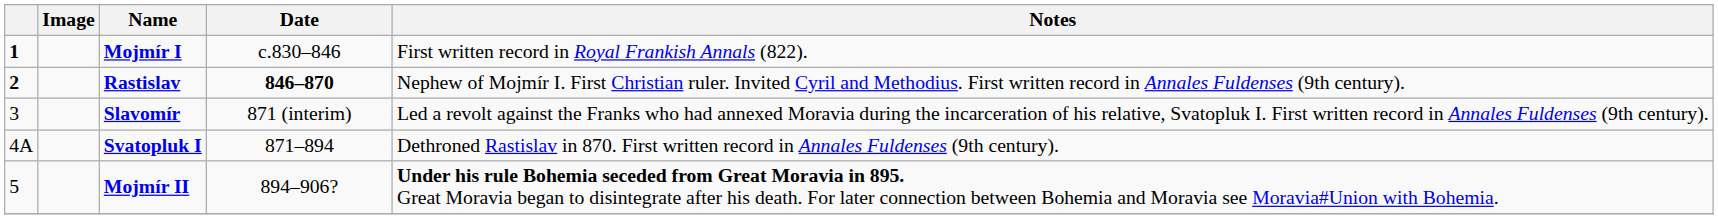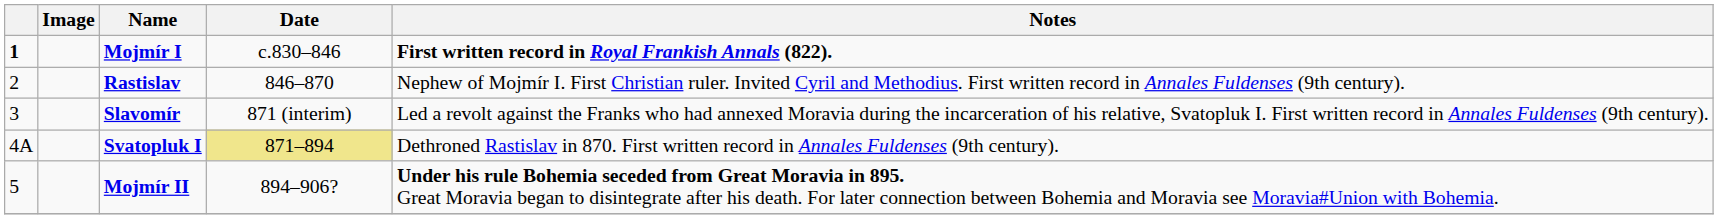 <table class="wikitable">
 <tr>
 <th></th>
 <th>Image</th>
 <th>Name</th>
 <th style="width:9em">Date</th>
 <th>Notes</th>
 </tr>
 <tr>
 <td><strong>1</strong></td>
 <td></td>
 <td><strong><a href='#'>Mojmír I</a></strong></td>
 <td align="center">c.830–846</td>
-<td>First written record in <em><a href='#'>Royal Frankish Annals</a></em> (822).</td>
+<td><strong>First written record in <em><a href='#'>Royal Frankish Annals</a></em> (822).</strong></td>
 </tr>
 <tr>
-<td><strong>2</strong></td>
+<td>2</td>
 <td></td>
 <td><strong><a href='#'>Rastislav</a></strong></td>
-<td align="center"><strong>846–870</strong></td>
+<td align="center">846–870</td>
 <td>Nephew of Mojmír I. First <a href='#'>Christian</a> ruler. Invited <a href='#'>Cyril and Methodius</a>. First written record in <em><a href='#'>Annales Fuldenses</a></em> (9th century).</td>
 </tr>
 <tr>
 <td>3</td>
 <td></td>
 <td><strong><a href='#'>Slavomír</a></strong></td>
 <td align="center">871 (interim)</td>
 <td>Led a revolt against the Franks who had annexed Moravia during the incarceration of his relative, Svatopluk I. First written record in <em><a href='#'>Annales Fuldenses</a></em> (9th century).</td>
 </tr>
 <tr>
 <td>4A</td>
 <td></td>
 <td><strong><a href='#'>Svatopluk I</a></strong></td>
-<td align="center">871–894</td>
+<td align="center" style="background: khaki;">871–894</td>
 <td>Dethroned <a href='#'>Rastislav</a> in 870. First written record in <em><a href='#'>Annales Fuldenses</a></em> (9th century).</td>
 </tr>
 <tr>
 <td>5</td>
 <td></td>
 <td><strong><a href='#'>Mojmír II</a></strong></td>
 <td align="center">894–906?</td>
 <td><strong>Under his rule Bohemia seceded from Great Moravia in 895.</strong> <br>Great Moravia began to disintegrate after his death. For later connection between Bohemia and Moravia see <a href='#'>Moravia#Union with Bohemia</a>.</td>
 </tr>
 <tr>
 </tr>
 </table>
